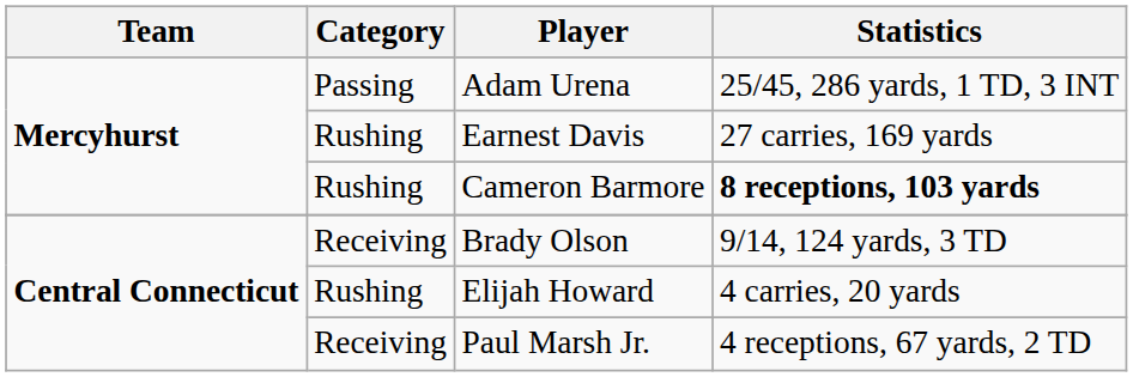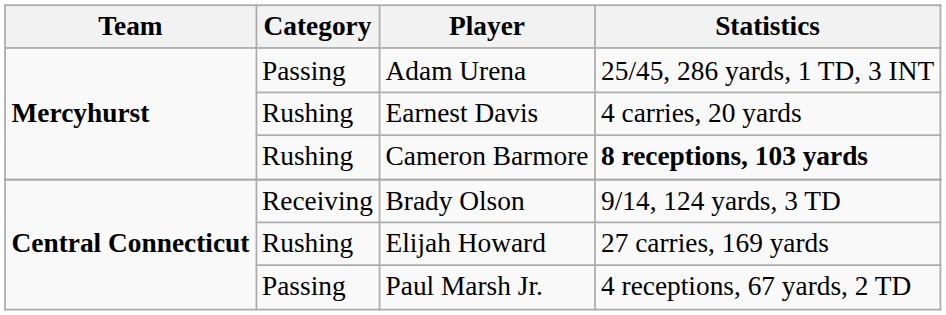 <table class="wikitable" style="float: right;">
 <tr>
 <th>Team</th>
 <th>Category</th>
 <th>Player</th>
 <th>Statistics</th>
 </tr>
 <tr>
 <td rowspan=3><strong>Mercyhurst</strong></td>
 <td>Passing</td>
 <td>Adam Urena</td>
 <td>25/45, 286 yards, 1 TD, 3 INT</td>
 </tr>
 <tr>
 <td>Rushing</td>
 <td>Earnest Davis</td>
-<td>27 carries, 169 yards</td>
+<td>4 carries, 20 yards</td>
 </tr>
 <tr>
 <td>Rushing</td>
 <td>Cameron Barmore</td>
 <td><strong>8 receptions, 103 yards</strong></td>
 </tr>
 <tr>
 </tr>
 <tr>
 <td rowspan=3><strong>Central Connecticut</strong></td>
 <td>Receiving</td>
 <td>Brady Olson</td>
 <td>9/14, 124 yards, 3 TD</td>
 </tr>
 <tr>
 <td>Rushing</td>
 <td>Elijah Howard</td>
-<td>4 carries, 20 yards</td>
+<td>27 carries, 169 yards</td>
 </tr>
 <tr>
-<td>Receiving</td>
+<td>Passing</td>
 <td>Paul Marsh Jr.</td>
 <td>4 receptions, 67 yards, 2 TD</td>
 </tr>
 </table>
